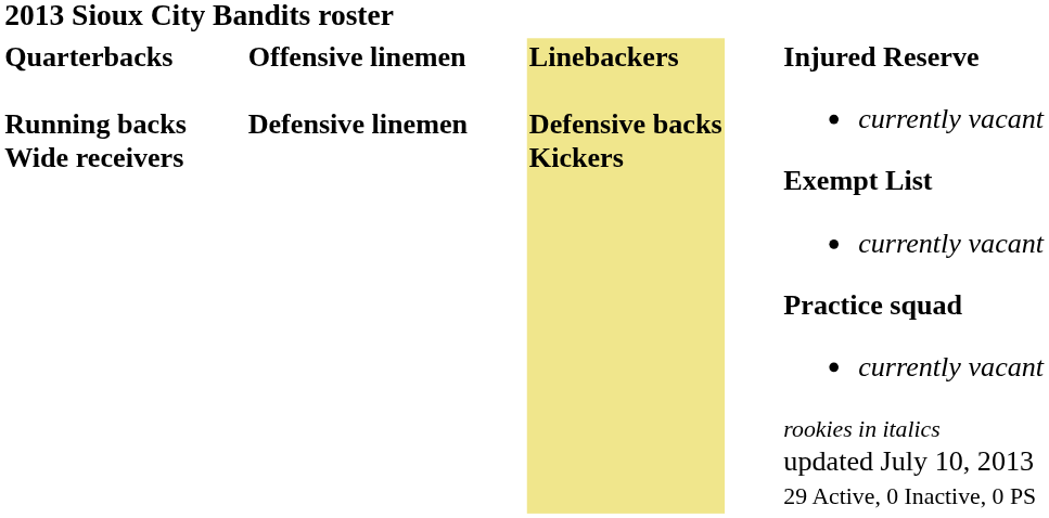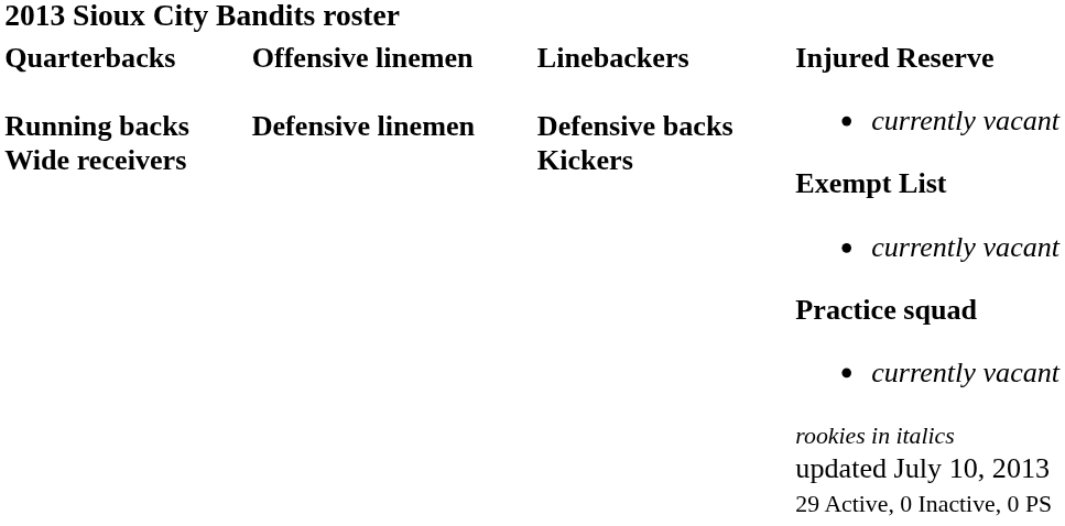 <table class="toccolours" style="text-align: left;">
 <tr>
 <th colspan=7><strong>2013 Sioux City Bandits roster</strong></th>
 </tr>
 <tr>
 <td style="font-size: 95%;" valign="top"><strong>Quarterbacks</strong><br> <br><strong>Running backs</strong>   <br><strong>Wide receivers</strong>     </td>
 <td style="width: 25px;"></td>
 <td style="font-size: 95%;" valign="top"><strong>Offensive linemen</strong><br>  <br><strong>Defensive linemen</strong>      </td>
 <td style="width: 25px;"></td>
-<td style="background: khaki; font-size: 95%;" valign="top"><strong>Linebackers</strong><br>  <br><strong>Defensive backs</strong>     <br><strong>Kickers</strong>  </td>
+<td style="font-size: 95%;" valign="top"><strong>Linebackers</strong><br>  <br><strong>Defensive backs</strong>     <br><strong>Kickers</strong>  </td>
 <td style="width: 25px;"></td>
 <td style="font-size: 95%;" valign="top"><strong>Injured Reserve</strong><br><ul><li><em>currently vacant</em></li></ul><strong>Exempt List</strong><ul><li><em>currently vacant</em></li></ul><strong>Practice squad</strong><ul><li><em>currently vacant</em></li></ul><small><em>rookies in italics</em></small><br>  updated July 10, 2013<br> <small>29 Active, 0 Inactive, 0 PS</small></td>
 </tr>
 <tr>
 </tr>
 </table>
